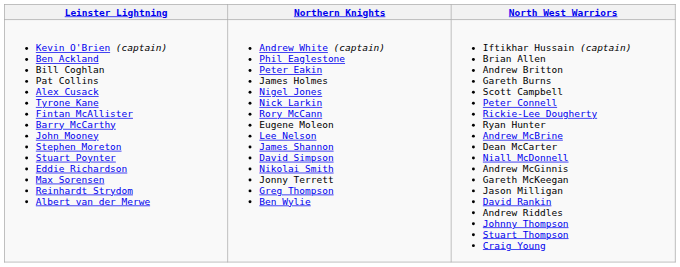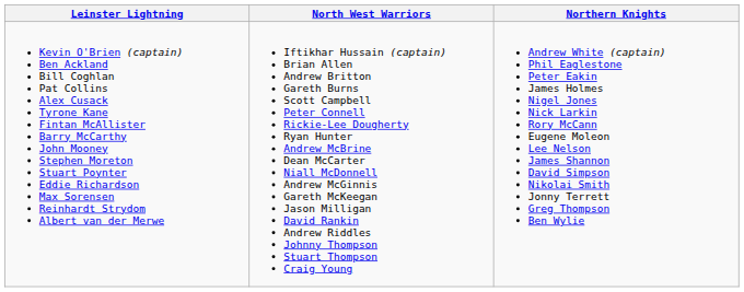 <table class="wikitable">
 <tr>
 <th width=300><a href='#'>Leinster Lightning</a></th>
+<th width=300><a href='#'>North West Warriors</a></th>
 <th width=300><a href='#'>Northern Knights</a></th>
-<th width=300><a href='#'>North West Warriors</a></th>
 </tr>
 <tr>
 <td valign=top><br><ul><li><a href='#'>Kevin O'Brien</a> <em>(captain)</em></li><li><a href='#'>Ben Ackland</a></li><li>Bill Coghlan</li><li>Pat Collins</li><li><a href='#'>Alex Cusack</a></li><li><a href='#'>Tyrone Kane</a></li><li><a href='#'>Fintan McAllister</a></li><li><a href='#'>Barry McCarthy</a></li><li><a href='#'>John Mooney</a></li><li><a href='#'>Stephen Moreton</a></li><li><a href='#'>Stuart Poynter</a></li><li><a href='#'>Eddie Richardson</a></li><li><a href='#'>Max Sorensen</a></li><li><a href='#'>Reinhardt Strydom</a></li><li><a href='#'>Albert van der Merwe</a></li></ul></td>
+<td valign=top><br><ul><li>Iftikhar Hussain <em>(captain)</em></li><li>Brian Allen</li><li>Andrew Britton</li><li>Gareth Burns</li><li>Scott Campbell</li><li><a href='#'>Peter Connell</a></li><li><a href='#'>Rickie-Lee Dougherty</a></li><li>Ryan Hunter</li><li><a href='#'>Andrew McBrine</a></li><li>Dean McCarter</li><li><a href='#'>Niall McDonnell</a></li><li>Andrew McGinnis</li><li>Gareth McKeegan</li><li>Jason Milligan</li><li><a href='#'>David Rankin</a></li><li>Andrew Riddles</li><li><a href='#'>Johnny Thompson</a></li><li><a href='#'>Stuart Thompson</a></li><li><a href='#'>Craig Young</a></li></ul></td>
 <td valign=top><br><ul><li><a href='#'>Andrew White</a> <em>(captain)</em></li><li><a href='#'>Phil Eaglestone</a></li><li><a href='#'>Peter Eakin</a></li><li>James Holmes</li><li><a href='#'>Nigel Jones</a></li><li><a href='#'>Nick Larkin</a></li><li><a href='#'>Rory McCann</a></li><li>Eugene Moleon</li><li><a href='#'>Lee Nelson</a></li><li><a href='#'>James Shannon</a></li><li><a href='#'>David Simpson</a></li><li><a href='#'>Nikolai Smith</a></li><li>Jonny Terrett</li><li><a href='#'>Greg Thompson</a></li><li><a href='#'>Ben Wylie</a></li></ul></td>
-<td valign=top><br><ul><li>Iftikhar Hussain <em>(captain)</em></li><li>Brian Allen</li><li>Andrew Britton</li><li>Gareth Burns</li><li>Scott Campbell</li><li><a href='#'>Peter Connell</a></li><li><a href='#'>Rickie-Lee Dougherty</a></li><li>Ryan Hunter</li><li><a href='#'>Andrew McBrine</a></li><li>Dean McCarter</li><li><a href='#'>Niall McDonnell</a></li><li>Andrew McGinnis</li><li>Gareth McKeegan</li><li>Jason Milligan</li><li><a href='#'>David Rankin</a></li><li>Andrew Riddles</li><li><a href='#'>Johnny Thompson</a></li><li><a href='#'>Stuart Thompson</a></li><li><a href='#'>Craig Young</a></li></ul></td>
 </tr>
 </table>
